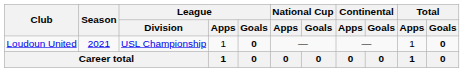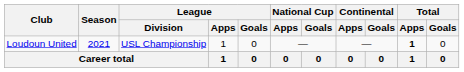 <table class=wikitable style=text-align:center>
 <tr>
 <th rowspan=2>Club</th>
 <th rowspan=2>Season</th>
 <th colspan=3>League</th>
 <th colspan=2>National Cup</th>
 <th colspan=2>Continental</th>
 <th colspan=2>Total</th>
 </tr>
 <tr>
 <th>Division</th>
 <th>Apps</th>
 <th>Goals</th>
 <th>Apps</th>
 <th>Goals</th>
 <th>Apps</th>
 <th>Goals</th>
 <th>Apps</th>
 <th>Goals</th>
 </tr>
 <tr>
 <td rowspan=1><a href='#'>Loudoun United</a></td>
 <td><a href='#'>2021</a></td>
 <td><a href='#'>USL Championship</a></td>
 <td>1</td>
-<td><strong>0</strong></td>
+<td>0</td>
 <td colspan=2>—</td>
 <td colspan=2>—</td>
-<td>1</td>
-<td><strong>0</strong></td>
+<td><strong>1</strong></td>
+<td>0</td>
 </tr>
 <tr>
 <th colspan=3>Career total</th>
 <th>1</th>
 <th>0</th>
 <th>0</th>
 <th>0</th>
 <th>0</th>
 <th>0</th>
 <th>1</th>
 <th>0</th>
 </tr>
 </table>
